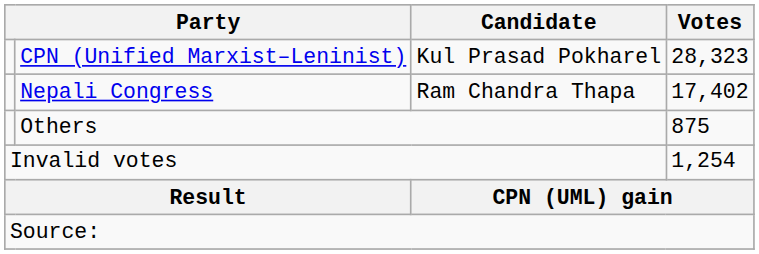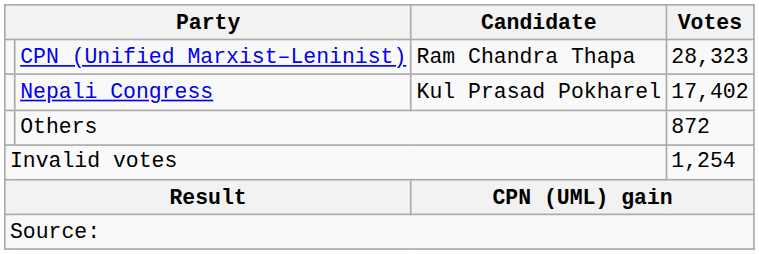 <table class="wikitable">
 <tr>
 <th colspan="2">Party</th>
 <th>Candidate</th>
 <th>Votes</th>
 </tr>
 <tr>
 <td style="background-color:"></td>
 <td><a href='#'>CPN (Unified Marxist–Leninist)</a></td>
-<td>Kul Prasad Pokharel</td>
+<td>Ram Chandra Thapa</td>
 <td>28,323</td>
 </tr>
 <tr>
 <td style="background-color:"></td>
 <td><a href='#'>Nepali Congress</a></td>
-<td>Ram Chandra Thapa</td>
+<td>Kul Prasad Pokharel</td>
 <td>17,402</td>
 </tr>
 <tr>
 <td></td>
 <td colspan="2">Others</td>
-<td>875</td>
+<td>872</td>
 </tr>
 <tr>
 <td colspan="3">Invalid votes</td>
 <td>1,254</td>
 </tr>
 <tr>
 <th colspan="2">Result</th>
 <th colspan="2">CPN (UML) gain</th>
 </tr>
 <tr>
 <td colspan="4">Source: </td>
 </tr>
 </table>
